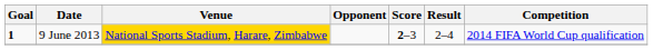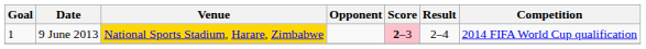 <table class="wikitable plainrowheaders sortable">
 <tr>
 <th>Goal</th>
 <th>Date</th>
 <th>Venue</th>
 <th>Opponent</th>
 <th>Score</th>
 <th>Result</th>
 <th>Competition</th>
 </tr>
 <tr>
-<td><strong>1</strong></td>
+<td>1</td>
 <td>9 June 2013</td>
 <td style="background: gold;"><a href='#'>National Sports Stadium</a>, <a href='#'>Harare</a>, <a href='#'>Zimbabwe</a></td>
 <td></td>
-<td align=center><strong>2</strong>–3</td>
+<td align=center style="background: pink;"><strong>2</strong>–3</td>
 <td align=center>2–4</td>
 <td><a href='#'>2014 FIFA World Cup qualification</a></td>
 </tr>
 <tr>
 </tr>
 </table>
